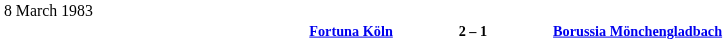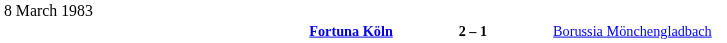 <table width=100% cellspacing=1>
 <tr>
 <th width=25%></th>
 <th width=10%></th>
 <th width=25%></th>
 <th></th>
 </tr>
 <tr>
 <td>8 March 1983</td>
 </tr>
 <tr style=font-size:90%>
 <td align=right><strong><a href='#'>Fortuna Köln</a></strong></td>
 <td align=center><strong>2 – 1</strong></td>
-<td><strong><a href='#'>Borussia Mönchengladbach</a></strong></td>
+<td><a href='#'>Borussia Mönchengladbach</a></td>
 </tr>
 </table>
